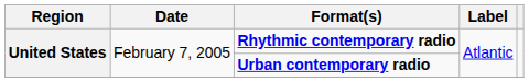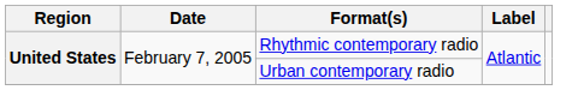 <table class="wikitable plainrowheaders">
 <tr>
 <th scope="col">Region</th>
 <th scope="col">Date</th>
 <th scope="col">Format(s)</th>
 <th scope="col">Label</th>
 <th scope="col"></th>
 </tr>
 <tr>
 <th scope="row" rowspan="2">United States</th>
 <td rowspan="2">February 7, 2005</td>
-<td><strong><a href='#'>Rhythmic contemporary</a> radio</strong></td>
+<td><a href='#'>Rhythmic contemporary</a> radio</td>
 <td rowspan="2"><a href='#'>Atlantic</a></td>
 <td align="center" rowspan="2"></td>
 </tr>
 <tr>
-<td><strong><a href='#'>Urban contemporary</a> radio</strong></td>
+<td><a href='#'>Urban contemporary</a> radio</td>
 </tr>
 <tr>
 </tr>
 </table>
